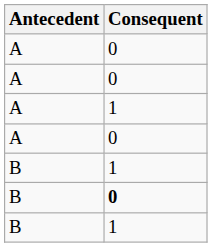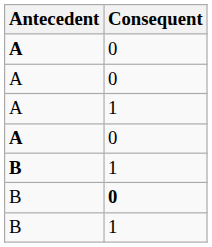 <table class="wikitable">
 <tr>
 <th>Antecedent</th>
 <th>Consequent</th>
 </tr>
 <tr>
-<td>A</td>
+<td><strong>A</strong></td>
 <td>0</td>
 </tr>
 <tr>
 <td>A</td>
 <td>0</td>
 </tr>
 <tr>
 <td>A</td>
 <td>1</td>
 </tr>
 <tr>
-<td>A</td>
+<td><strong>A</strong></td>
 <td>0</td>
 </tr>
 <tr>
-<td>B</td>
+<td><strong>B</strong></td>
 <td>1</td>
 </tr>
 <tr>
 <td>B</td>
 <td><strong>0</strong></td>
 </tr>
 <tr>
 <td>B</td>
 <td>1</td>
 </tr>
 </table>
